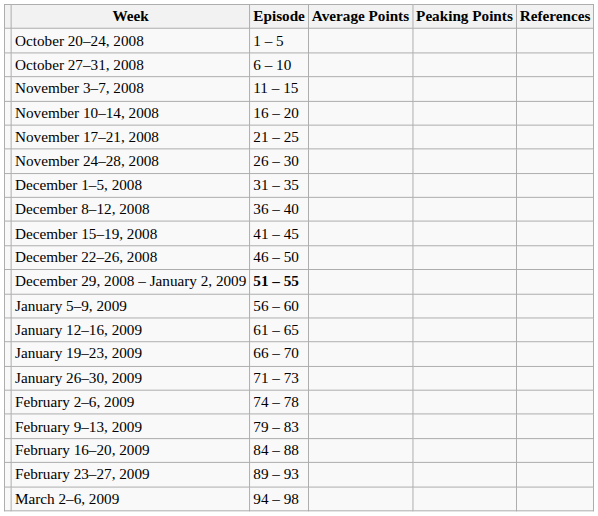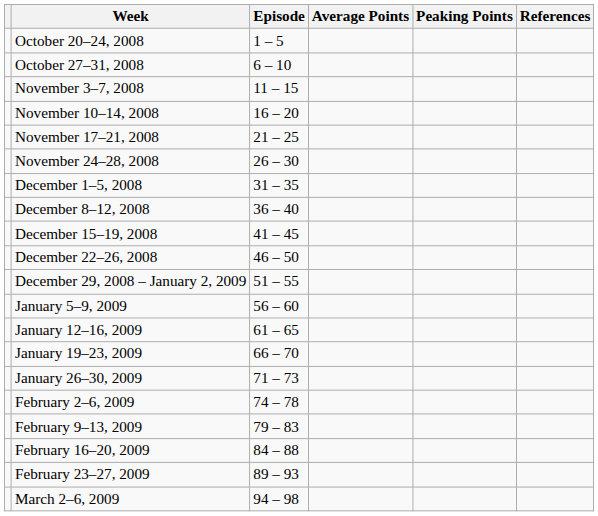 <table class="wikitable">
 <tr>
 <th></th>
 <th>Week</th>
 <th>Episode</th>
 <th>Average Points</th>
 <th>Peaking Points</th>
 <th>References</th>
 </tr>
 <tr>
 <td></td>
 <td>October 20–24, 2008</td>
 <td>1 – 5</td>
 <td></td>
 <td></td>
 <td></td>
 </tr>
 <tr>
 <td></td>
 <td>October 27–31, 2008</td>
 <td>6 – 10</td>
 <td></td>
 <td></td>
 <td></td>
 </tr>
 <tr>
 <td></td>
 <td>November 3–7, 2008</td>
 <td>11 – 15</td>
 <td></td>
 <td></td>
 <td></td>
 </tr>
 <tr>
 <td></td>
 <td>November 10–14, 2008</td>
 <td>16 – 20</td>
 <td></td>
 <td></td>
 <td></td>
 </tr>
 <tr>
 <td></td>
 <td>November 17–21, 2008</td>
 <td>21 – 25</td>
 <td></td>
 <td></td>
 <td></td>
 </tr>
 <tr>
 <td></td>
 <td>November 24–28, 2008</td>
 <td>26 – 30</td>
 <td></td>
 <td></td>
 <td></td>
 </tr>
 <tr>
 <td></td>
 <td>December 1–5, 2008</td>
 <td>31 – 35</td>
 <td></td>
 <td></td>
 <td></td>
 </tr>
 <tr>
 <td></td>
 <td>December 8–12, 2008</td>
 <td>36 – 40</td>
 <td></td>
 <td></td>
 <td></td>
 </tr>
 <tr>
 <td></td>
 <td>December 15–19, 2008</td>
 <td>41 – 45</td>
 <td></td>
 <td></td>
 <td></td>
 </tr>
 <tr>
 <td></td>
 <td>December 22–26, 2008</td>
 <td>46 – 50</td>
 <td></td>
 <td></td>
 <td></td>
 </tr>
 <tr>
 <td></td>
 <td>December 29, 2008 – January 2, 2009</td>
-<td><strong>51 – 55</strong></td>
+<td>51 – 55</td>
 <td></td>
 <td></td>
 <td></td>
 </tr>
 <tr>
 <td></td>
 <td>January 5–9, 2009</td>
 <td>56 – 60</td>
 <td></td>
 <td></td>
 <td></td>
 </tr>
 <tr>
 <td></td>
 <td>January 12–16, 2009</td>
 <td>61 – 65</td>
 <td></td>
 <td></td>
 <td></td>
 </tr>
 <tr>
 <td></td>
 <td>January 19–23, 2009</td>
 <td>66 – 70</td>
 <td></td>
 <td></td>
 </tr>
 <tr>
 <td></td>
 <td>January 26–30, 2009</td>
 <td>71 – 73</td>
 <td></td>
 <td></td>
 <td></td>
 </tr>
 <tr>
 <td></td>
 <td>February 2–6, 2009</td>
 <td>74 – 78</td>
 <td></td>
 <td></td>
 <td></td>
 </tr>
 <tr>
 <td></td>
 <td>February 9–13, 2009</td>
 <td>79 – 83</td>
 <td></td>
 <td></td>
 <td></td>
 </tr>
 <tr>
 <td></td>
 <td>February 16–20, 2009</td>
 <td>84 – 88</td>
 <td></td>
 <td></td>
 <td></td>
 </tr>
 <tr>
 <td></td>
 <td>February 23–27, 2009</td>
 <td>89 – 93</td>
 <td></td>
 <td></td>
 <td></td>
 </tr>
 <tr>
 <td></td>
 <td>March 2–6, 2009</td>
 <td>94 – 98</td>
 <td></td>
 <td></td>
 <td></td>
 </tr>
 </table>
